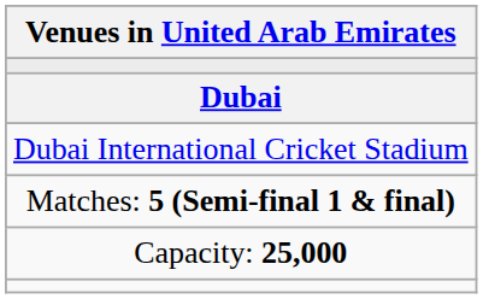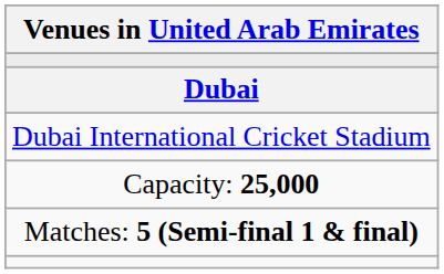 <table class="wikitable" style="text-align:center;font-size:90%">
 <tr>
 <th>Venues in <a href='#'>United Arab Emirates</a></th>
 </tr>
 <tr>
 <td style="background:#ececec;color:#2C2C2C;vertical-align:middle;text-align:center"></td>
 </tr>
 <tr>
 <th><a href='#'>Dubai</a></th>
 </tr>
 <tr>
 <td><a href='#'>Dubai International Cricket Stadium</a></td>
 </tr>
 <tr>
-<td>Matches: <strong>5 (Semi-final 1 & final)</strong></td>
+<td>Capacity: <strong>25,000</strong></td>
 </tr>
 <tr>
-<td>Capacity: <strong>25,000</strong></td>
+<td>Matches: <strong>5 (Semi-final 1 & final)</strong></td>
 </tr>
 <tr>
 <td></td>
 </tr>
 </table>
